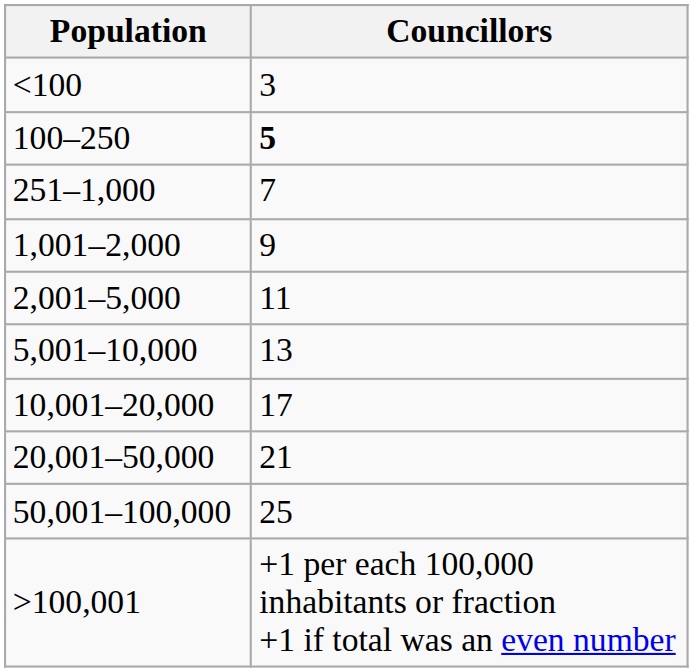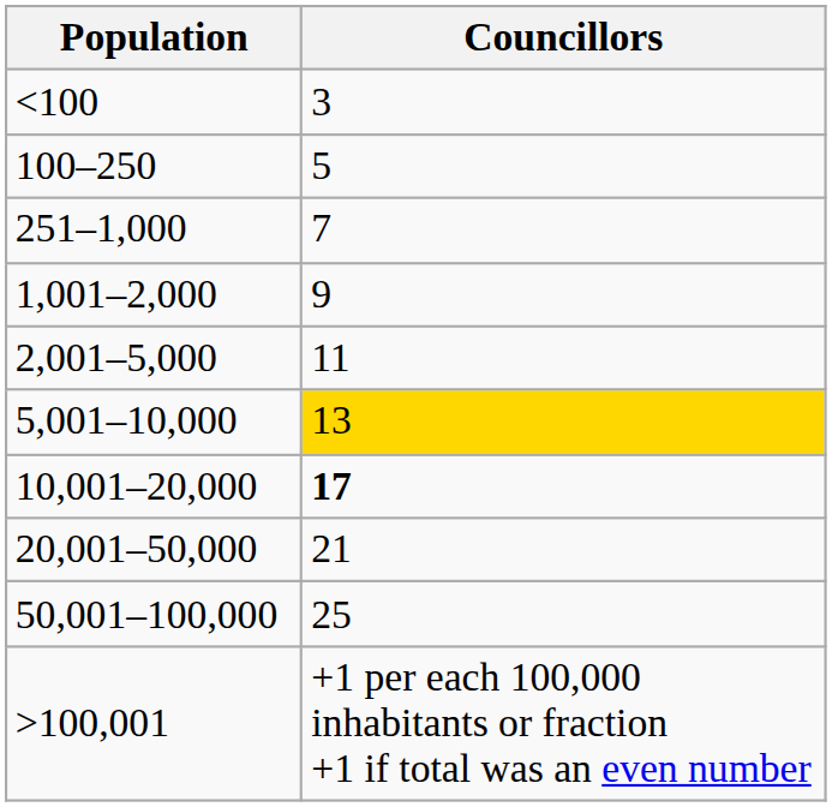 <table class="wikitable" style="text-align:left;">
 <tr>
 <th width="110">Population</th>
 <th width="200">Councillors</th>
 </tr>
 <tr>
 <td><100</td>
 <td>3</td>
 </tr>
 <tr>
 <td>100–250</td>
-<td><strong>5</strong></td>
+<td>5</td>
 </tr>
 <tr>
 <td>251–1,000</td>
 <td>7</td>
 </tr>
 <tr>
 <td>1,001–2,000</td>
 <td>9</td>
 </tr>
 <tr>
 <td>2,001–5,000</td>
 <td>11</td>
 </tr>
 <tr>
 <td>5,001–10,000</td>
-<td>13</td>
+<td style="background: gold;">13</td>
 </tr>
 <tr>
 <td>10,001–20,000</td>
-<td>17</td>
+<td><strong>17</strong></td>
 </tr>
 <tr>
 <td>20,001–50,000</td>
 <td>21</td>
 </tr>
 <tr>
 <td>50,001–100,000</td>
 <td>25</td>
 </tr>
 <tr>
 <td>>100,001</td>
 <td>+1 per each 100,000 inhabitants or fraction<br>+1 if total was an <a href='#'>even number</a></td>
 </tr>
 </table>
